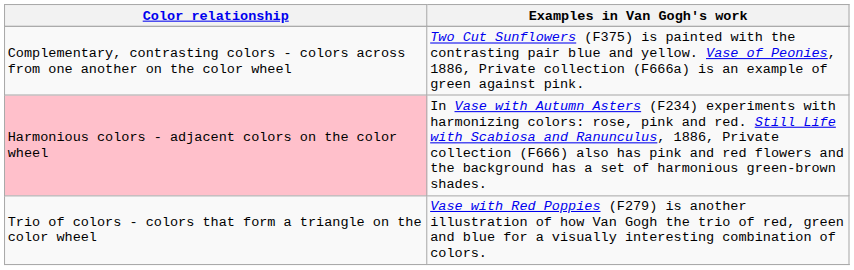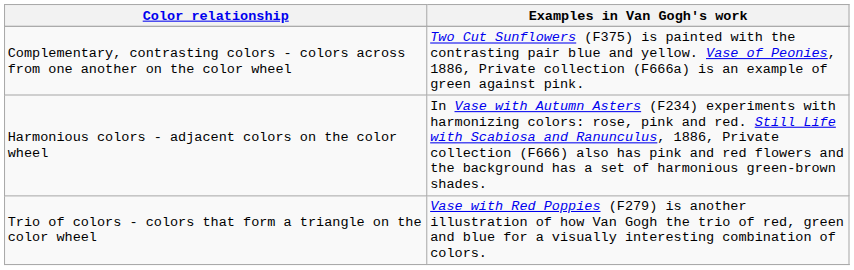 <table class="wikitable sortable">
 <tr>
 <th scope="col" width="400"><a href='#'>Color relationship</a></th>
 <th scope="col" width="400">Examples in Van Gogh's work</th>
 </tr>
 <tr>
 </tr>
 <tr>
 <td>Complementary, contrasting colors - colors across from one another on the color wheel</td>
 <td><em><a href='#'>Two Cut Sunflowers</a></em> (F375) is painted with the contrasting pair blue and yellow. <em><a href='#'>Vase of Peonies</a></em>, 1886, Private collection (F666a) is an example of green against pink.</td>
 </tr>
 <tr>
-<td style="background: pink;">Harmonious colors - adjacent colors on the color wheel</td>
+<td>Harmonious colors - adjacent colors on the color wheel</td>
 <td>In <em><a href='#'>Vase with Autumn Asters</a></em> (F234) experiments with harmonizing colors: rose, pink and red. <em><a href='#'>Still Life with Scabiosa and Ranunculus</a></em>, 1886, Private collection (F666) also has pink and red flowers and the background has a set of harmonious green-brown shades.</td>
 </tr>
 <tr>
 <td>Trio of colors - colors that form a triangle on the color wheel</td>
 <td><em><a href='#'>Vase with Red Poppies</a></em> (F279) is another illustration of how Van Gogh the trio of red, green and blue for a visually interesting combination of colors.</td>
 </tr>
 <tr>
 </tr>
 </table>
